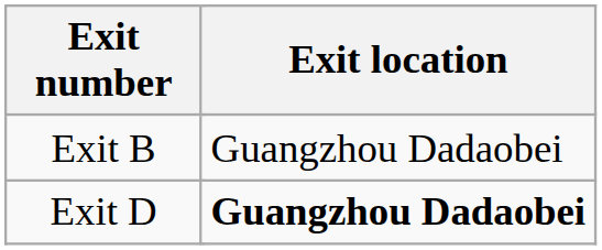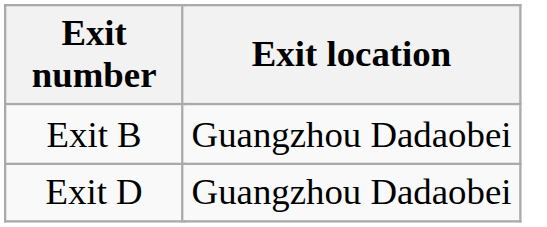 <table class="wikitable">
 <tr>
 <th style="width:70px" colspan="2">Exit number</th>
 <th>Exit location</th>
 </tr>
 <tr>
 <td align="center" colspan="2">Exit B</td>
 <td>Guangzhou Dadaobei</td>
 </tr>
 <tr>
 <td align="center" colspan="2">Exit D</td>
-<td><strong>Guangzhou Dadaobei</strong></td>
+<td>Guangzhou Dadaobei</td>
 </tr>
 </table>
